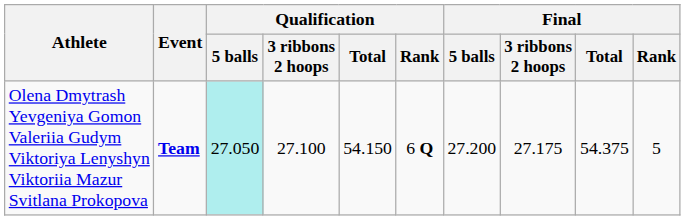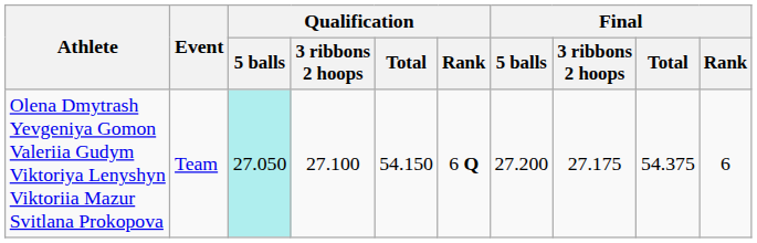 <table class="wikitable" style="font-size:90%">
 <tr>
 <th rowspan="2">Athlete</th>
 <th rowspan="2">Event</th>
 <th colspan="4">Qualification</th>
 <th colspan="4">Final</th>
 </tr>
 <tr style="font-size:95%">
 <th>5 balls</th>
 <th>3 ribbons<br>2 hoops</th>
 <th>Total</th>
 <th>Rank</th>
 <th>5 balls</th>
 <th>3 ribbons<br>2 hoops</th>
 <th>Total</th>
 <th>Rank</th>
 </tr>
 <tr align=center>
 <td align=left><a href='#'>Olena Dmytrash</a><br><a href='#'>Yevgeniya Gomon</a><br><a href='#'>Valeriia Gudym</a><br><a href='#'>Viktoriya Lenyshyn</a><br><a href='#'>Viktoriia Mazur</a><br><a href='#'>Svitlana Prokopova</a></td>
-<td align=left><strong><a href='#'>Team</a></strong></td>
+<td align=left><a href='#'>Team</a></td>
 <td style="background: paleturquoise;">27.050</td>
 <td>27.100</td>
 <td>54.150</td>
 <td>6 <strong>Q</strong></td>
 <td>27.200</td>
 <td>27.175</td>
 <td>54.375</td>
-<td>5</td>
+<td>6</td>
 </tr>
 </table>
